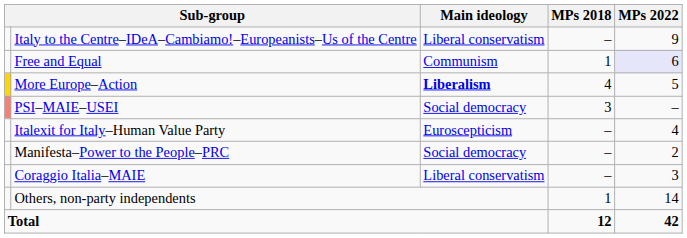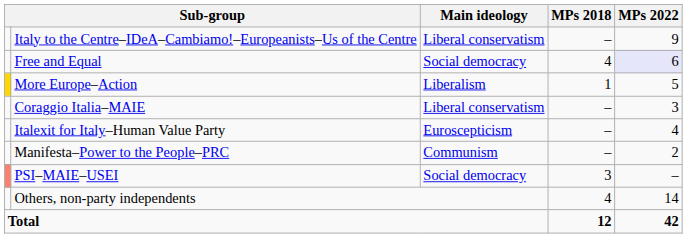 <table class="wikitable" style="font-size:100%">
 <tr>
 <th colspan=2>Sub-group</th>
 <th>Main ideology</th>
 <th>MPs 2018</th>
 <th>MPs 2022</th>
 </tr>
 <tr>
 <td></td>
 <td><a href='#'>Italy to the Centre</a>–<a href='#'>IDeA</a>–<a href='#'>Cambiamo!</a>–<a href='#'>Europeanists</a>–<a href='#'>Us of the Centre</a></td>
 <td><a href='#'>Liberal conservatism</a></td>
 <td align=right>–</td>
 <td align=right>9</td>
 </tr>
 <tr>
 <td></td>
 <td><a href='#'>Free and Equal</a></td>
-<td><a href='#'>Communism</a></td>
-<td align=right>1</td>
+<td><a href='#'>Social democracy</a></td>
+<td align=right>4</td>
 <td align=right style="background: lavender;">6</td>
 </tr>
 <tr>
 <td bgcolor="gold"></td>
 <td><a href='#'>More Europe</a>–<a href='#'>Action</a></td>
-<td><strong><a href='#'>Liberalism</a></strong></td>
-<td align=right>4</td>
+<td><a href='#'>Liberalism</a></td>
+<td align=right>1</td>
 <td align=right>5</td>
 </tr>
 <tr>
-<td bgcolor="salmon"></td>
-<td><a href='#'>PSI</a>–<a href='#'>MAIE</a>–<a href='#'>USEI</a></td>
-<td><a href='#'>Social democracy</a></td>
+<td></td>
+<td><a href='#'>Coraggio Italia</a>–<a href='#'>MAIE</a></td>
+<td><a href='#'>Liberal conservatism</a></td>
+<td align=right>–</td>
 <td align=right>3</td>
-<td align=right>–</td>
 </tr>
 <tr>
 <td></td>
 <td><a href='#'>Italexit for Italy</a>–Human Value Party</td>
 <td><a href='#'>Euroscepticism</a></td>
 <td align=right>–</td>
 <td align=right>4</td>
 </tr>
 <tr>
 <td></td>
 <td>Manifesta–<a href='#'>Power to the People</a>–<a href='#'>PRC</a></td>
-<td><a href='#'>Social democracy</a></td>
+<td><a href='#'>Communism</a></td>
 <td align=right>–</td>
 <td align=right>2</td>
 </tr>
 <tr>
-<td></td>
-<td><a href='#'>Coraggio Italia</a>–<a href='#'>MAIE</a></td>
-<td><a href='#'>Liberal conservatism</a></td>
+<td bgcolor="salmon"></td>
+<td><a href='#'>PSI</a>–<a href='#'>MAIE</a>–<a href='#'>USEI</a></td>
+<td><a href='#'>Social democracy</a></td>
+<td align=right>3</td>
 <td align=right>–</td>
-<td align=right>3</td>
 </tr>
 <tr>
 <td></td>
 <td colspan=2>Others, non-party independents</td>
-<td align=right>1</td>
+<td align=right>4</td>
 <td align=right>14</td>
 </tr>
 <tr>
 <td colspan=3><strong>Total</strong></td>
 <td align=right><strong>12</strong></td>
 <td align=right><strong>42</strong></td>
 </tr>
 </table>
